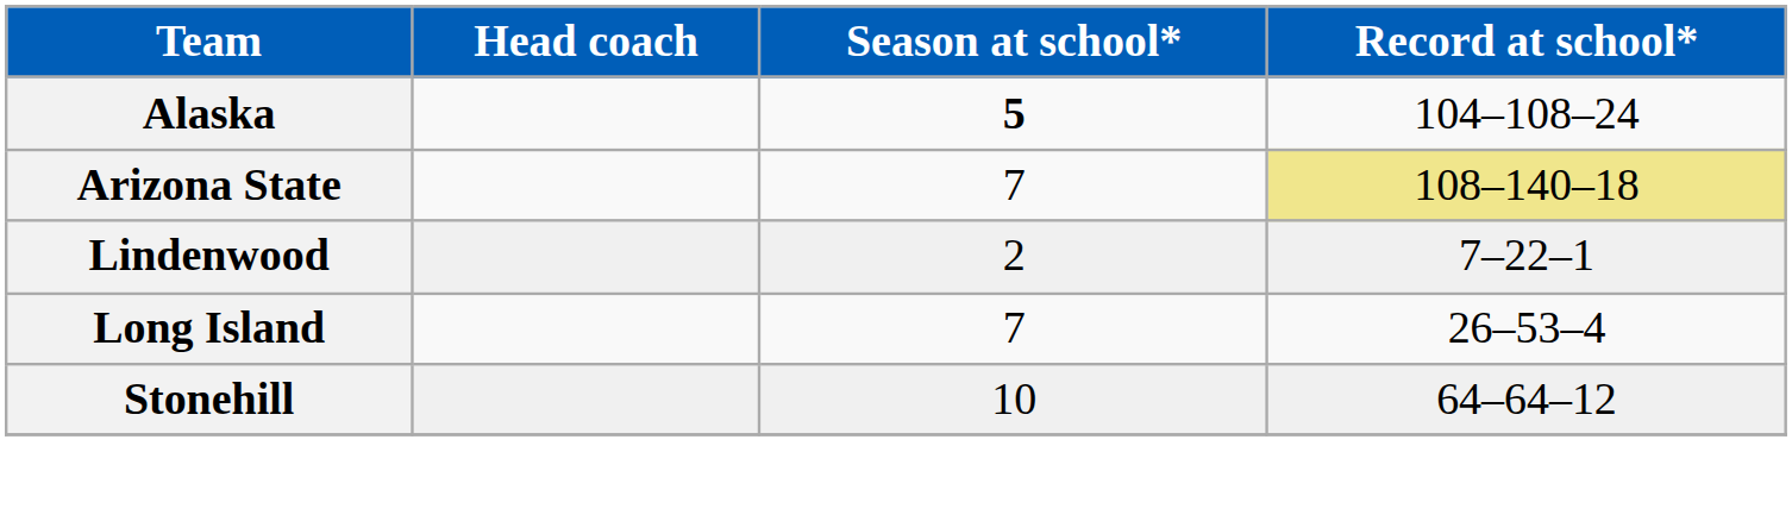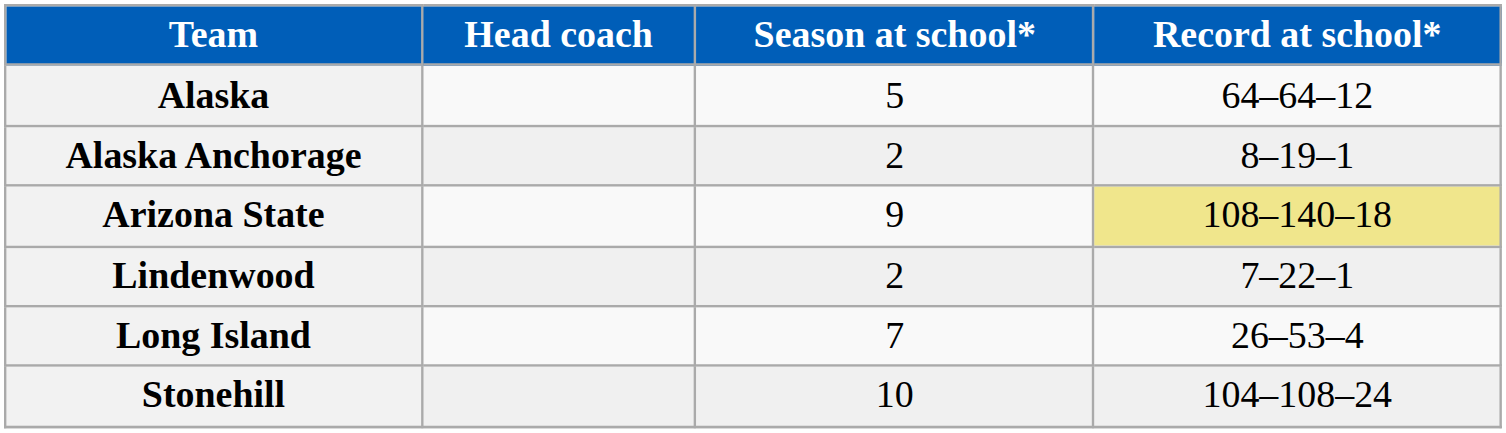 <table class="wikitable sortable" style="text-align: center; "width=50%">
 <tr>
 <th style="color:white; background:#005EB8">Team</th>
 <th style="color:white; background:#005EB8">Head coach</th>
 <th style="color:white; background:#005EB8">Season at school*</th>
 <th style="color:white; background:#005EB8">Record at school*</th>
 </tr>
 <tr>
 <th>Alaska</th>
 <td></td>
-<td><strong>5</strong></td>
-<td>104–108–24</td>
+<td>5</td>
+<td>64–64–12</td>
+</tr>
+<tr bgcolor=f0f0f0>
+<th>Alaska Anchorage</th>
+<td></td>
+<td>2</td>
+<td>8–19–1</td>
 </tr>
 <tr>
 <th>Arizona State</th>
 <td></td>
-<td>7</td>
+<td>9</td>
 <td style="background: khaki;">108–140–18</td>
 </tr>
 <tr bgcolor=f0f0f0>
 <th>Lindenwood</th>
 <td></td>
 <td>2</td>
 <td>7–22–1</td>
 </tr>
 <tr>
 <th>Long Island</th>
 <td></td>
 <td>7</td>
 <td>26–53–4</td>
 </tr>
 <tr bgcolor=f0f0f0>
 <th>Stonehill</th>
 <td></td>
 <td>10</td>
-<td>64–64–12</td>
+<td>104–108–24</td>
 </tr>
 <tr>
 </tr>
 </table>
